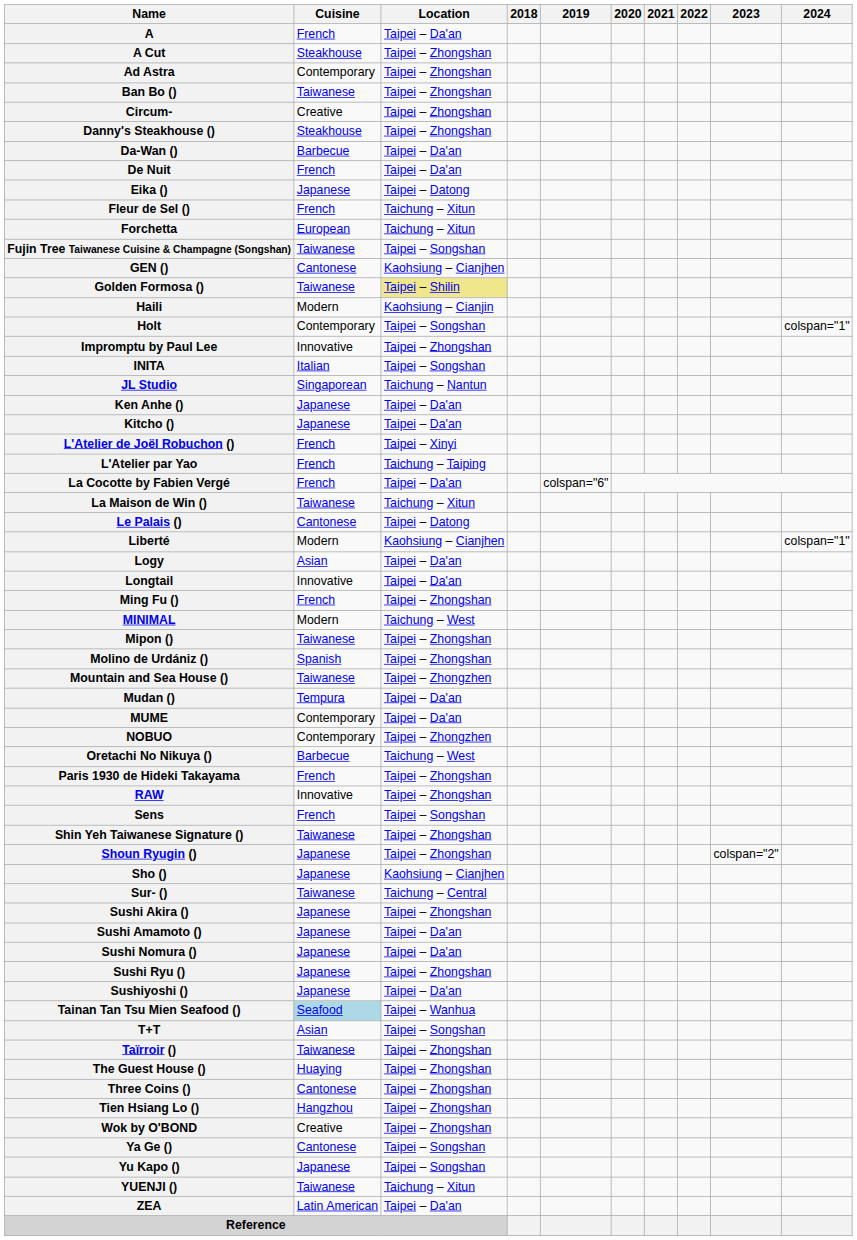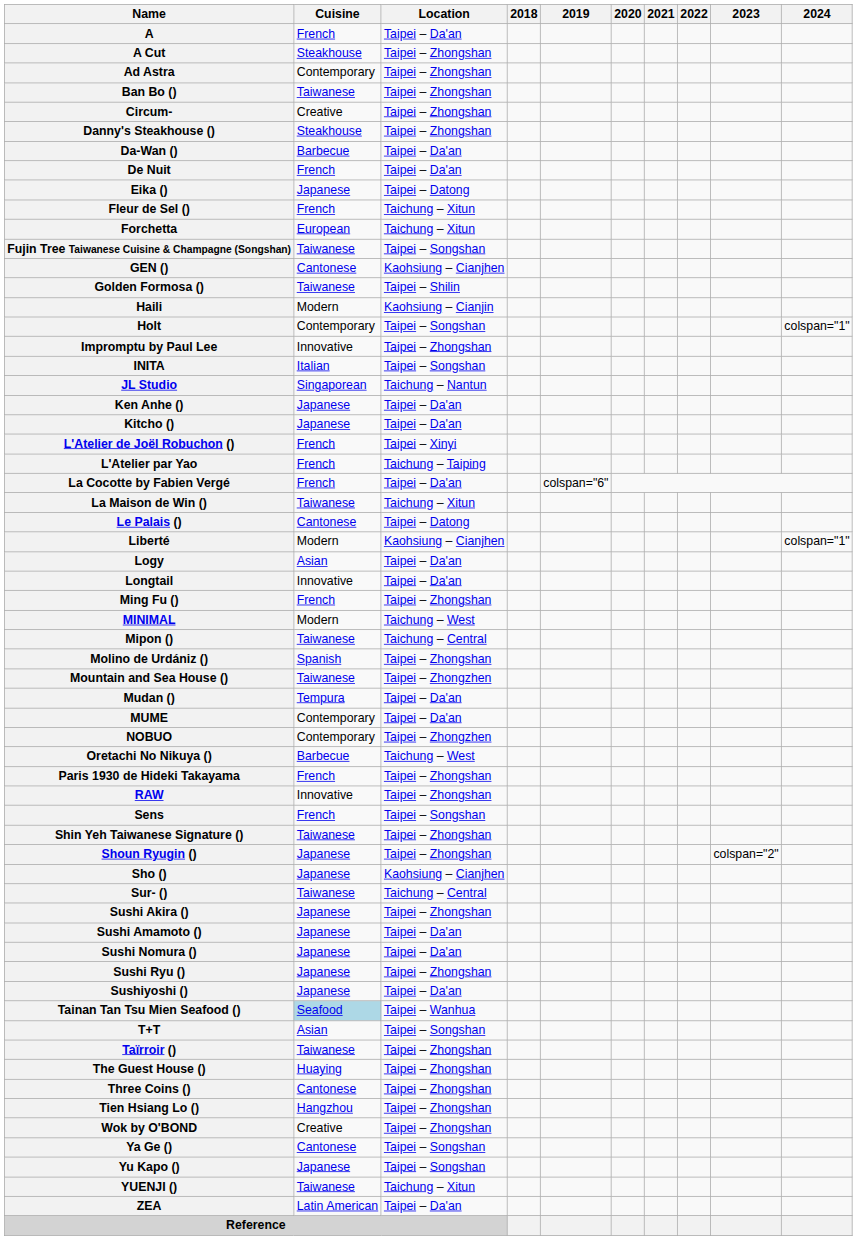 <table class="wikitable sortable plainrowheaders" style="text-align:left;"">
 <tr>
 <th scope="col">Name</th>
 <th scope="col">Cuisine</th>
 <th scope="col">Location</th>
 <th scope="col">2018</th>
 <th scope="col">2019</th>
 <th scope="col">2020</th>
 <th scope="col">2021</th>
 <th scope="col">2022</th>
 <th scope="col">2023</th>
 <th scope="col">2024</th>
 </tr>
 <tr>
 <th scope="row">A</th>
 <td><a href='#'>French</a></td>
 <td><a href='#'>Taipei</a> – <a href='#'>Da'an</a></td>
 <td></td>
 <td></td>
 <td></td>
 <td></td>
 <td></td>
 <td></td>
 <td></td>
 </tr>
 <tr>
 <th scope="row">A Cut</th>
 <td><a href='#'>Steakhouse</a></td>
 <td><a href='#'>Taipei</a> – <a href='#'>Zhongshan</a></td>
 <td></td>
 <td></td>
 <td></td>
 <td></td>
 <td></td>
 <td></td>
 <td></td>
 </tr>
 <tr>
 <th scope="row">Ad Astra</th>
 <td>Contemporary</td>
 <td><a href='#'>Taipei</a> – <a href='#'>Zhongshan</a></td>
 <td></td>
 <td></td>
 <td></td>
 <td></td>
 <td></td>
 <td></td>
 <td></td>
 </tr>
 <tr>
 <th scope="row">Ban Bo ()</th>
 <td><a href='#'>Taiwanese</a></td>
 <td><a href='#'>Taipei</a> – <a href='#'>Zhongshan</a></td>
 <td></td>
 <td></td>
 <td></td>
 <td></td>
 <td></td>
 <td></td>
 <td></td>
 </tr>
 <tr>
 <th scope="row">Circum-</th>
 <td>Creative</td>
 <td><a href='#'>Taipei</a> – <a href='#'>Zhongshan</a></td>
 <td></td>
 <td></td>
 <td></td>
 <td></td>
 <td></td>
 <td></td>
 <td></td>
 </tr>
 <tr>
 <th scope="row">Danny's Steakhouse ()</th>
 <td><a href='#'>Steakhouse</a></td>
 <td><a href='#'>Taipei</a> – <a href='#'>Zhongshan</a></td>
 <td></td>
 <td></td>
 <td></td>
 <td></td>
 <td></td>
 <td></td>
 <td></td>
 </tr>
 <tr>
 <th scope="row">Da-Wan ()</th>
 <td><a href='#'>Barbecue</a></td>
 <td><a href='#'>Taipei</a> – <a href='#'>Da'an</a></td>
 <td></td>
 <td></td>
 <td></td>
 <td></td>
 <td></td>
 <td></td>
 <td></td>
 </tr>
 <tr>
 <th scope="row">De Nuit</th>
 <td><a href='#'>French</a></td>
 <td><a href='#'>Taipei</a> – <a href='#'>Da'an</a></td>
 <td></td>
 <td></td>
 <td></td>
 <td></td>
 <td></td>
 <td></td>
 <td></td>
 </tr>
 <tr>
 <th scope="row">Eika ()</th>
 <td><a href='#'>Japanese</a></td>
 <td><a href='#'>Taipei</a> – <a href='#'>Datong</a></td>
 <td></td>
 <td></td>
 <td></td>
 <td></td>
 <td></td>
 <td></td>
 <td></td>
 </tr>
 <tr>
 <th scope="row">Fleur de Sel ()</th>
 <td><a href='#'>French</a></td>
 <td><a href='#'>Taichung</a> – <a href='#'>Xitun</a></td>
 <td></td>
 <td></td>
 <td></td>
 <td></td>
 <td></td>
 <td></td>
 <td></td>
 </tr>
 <tr>
 <th scope="row">Forchetta</th>
 <td><a href='#'>European</a></td>
 <td><a href='#'>Taichung</a> – <a href='#'>Xitun</a></td>
 <td></td>
 <td></td>
 <td></td>
 <td></td>
 <td></td>
 <td></td>
 <td></td>
 </tr>
 <tr>
 <th scope="row">Fujin Tree <small>Taiwanese Cuisine & Champagne (Songshan)</small></th>
 <td><a href='#'>Taiwanese</a></td>
 <td><a href='#'>Taipei</a> – <a href='#'>Songshan</a></td>
 <td></td>
 <td></td>
 <td></td>
 <td></td>
 <td></td>
 <td></td>
 <td></td>
 </tr>
 <tr>
 <th scope="row">GEN ()</th>
 <td><a href='#'>Cantonese</a></td>
 <td><a href='#'>Kaohsiung</a> – <a href='#'>Cianjhen</a></td>
 <td></td>
 <td></td>
 <td></td>
 <td></td>
 <td></td>
 <td></td>
 <td></td>
 </tr>
 <tr>
 <th scope="row">Golden Formosa ()</th>
 <td><a href='#'>Taiwanese</a></td>
-<td style="background: khaki;"><a href='#'>Taipei</a> – <a href='#'>Shilin</a></td>
+<td><a href='#'>Taipei</a> – <a href='#'>Shilin</a></td>
 <td></td>
 <td></td>
 <td></td>
 <td></td>
 <td></td>
 <td></td>
 <td></td>
 </tr>
 <tr>
 <th scope="row">Haili</th>
 <td>Modern</td>
 <td><a href='#'>Kaohsiung</a> – <a href='#'>Cianjin</a></td>
 <td></td>
 <td></td>
 <td></td>
 <td></td>
 <td></td>
 <td></td>
 <td></td>
 </tr>
 <tr>
 <th scope="row">Holt</th>
 <td>Contemporary</td>
 <td><a href='#'>Taipei</a> – <a href='#'>Songshan</a></td>
 <td></td>
 <td></td>
 <td></td>
 <td></td>
 <td></td>
 <td></td>
 <td>colspan="1"</td>
 </tr>
 <tr>
 <th scope="row">Impromptu by Paul Lee</th>
 <td>Innovative</td>
 <td><a href='#'>Taipei</a> – <a href='#'>Zhongshan</a></td>
 <td></td>
 <td></td>
 <td></td>
 <td></td>
 <td></td>
 <td></td>
 <td></td>
 </tr>
 <tr>
 <th scope="row">INITA</th>
 <td><a href='#'>Italian</a></td>
 <td><a href='#'>Taipei</a> – <a href='#'>Songshan</a></td>
 <td></td>
 <td></td>
 <td></td>
 <td></td>
 <td></td>
 <td></td>
 <td></td>
 </tr>
 <tr>
 <th scope="row"><a href='#'>JL Studio</a></th>
 <td><a href='#'>Singaporean</a></td>
 <td><a href='#'>Taichung</a> – <a href='#'>Nantun</a></td>
 <td></td>
 <td></td>
 <td></td>
 <td></td>
 <td></td>
 <td></td>
 <td></td>
 </tr>
 <tr>
 <th scope="row">Ken Anhe ()</th>
 <td><a href='#'>Japanese</a></td>
 <td><a href='#'>Taipei</a> – <a href='#'>Da'an</a></td>
 <td></td>
 <td></td>
 <td></td>
 <td></td>
 <td></td>
 <td></td>
 <td></td>
 </tr>
 <tr>
 <th scope="row">Kitcho ()</th>
 <td><a href='#'>Japanese</a></td>
 <td><a href='#'>Taipei</a> – <a href='#'>Da'an</a></td>
 <td></td>
 <td></td>
 <td></td>
 <td></td>
 <td></td>
 <td></td>
 <td></td>
 </tr>
 <tr>
 <th scope="row"><a href='#'>L'Atelier de Joël Robuchon</a> ()</th>
 <td><a href='#'>French</a></td>
 <td><a href='#'>Taipei</a> – <a href='#'>Xinyi</a></td>
 <td></td>
 <td></td>
 <td></td>
 <td></td>
 <td></td>
 <td></td>
 <td></td>
 </tr>
 <tr>
 <th scope="row">L'Atelier par Yao</th>
 <td><a href='#'>French</a></td>
 <td><a href='#'>Taichung</a> – <a href='#'>Taiping</a></td>
 <td></td>
 <td></td>
 <td></td>
 <td></td>
 <td></td>
 <td></td>
 <td></td>
 </tr>
 <tr>
 <th scope="row">La Cocotte by Fabien Vergé</th>
 <td><a href='#'>French</a></td>
 <td><a href='#'>Taipei</a> – <a href='#'>Da'an</a></td>
 <td></td>
 <td>colspan="6"</td>
 </tr>
 <tr>
 <th scope="row">La Maison de Win ()</th>
 <td><a href='#'>Taiwanese</a></td>
 <td><a href='#'>Taichung</a> – <a href='#'>Xitun</a></td>
 <td></td>
 <td></td>
 <td></td>
 <td></td>
 <td></td>
 <td></td>
 <td></td>
 </tr>
 <tr>
 <th scope="row"><a href='#'>Le Palais</a> ()</th>
 <td><a href='#'>Cantonese</a></td>
 <td><a href='#'>Taipei</a> – <a href='#'>Datong</a></td>
 <td></td>
 <td></td>
 <td></td>
 <td></td>
 <td></td>
 <td></td>
 <td></td>
 </tr>
 <tr>
 <th scope="row">Liberté</th>
 <td>Modern</td>
 <td><a href='#'>Kaohsiung</a> – <a href='#'>Cianjhen</a></td>
 <td></td>
 <td></td>
 <td></td>
 <td></td>
 <td></td>
 <td></td>
 <td>colspan="1"</td>
 </tr>
 <tr>
 <th scope="row">Logy</th>
 <td><a href='#'>Asian</a></td>
 <td><a href='#'>Taipei</a> – <a href='#'>Da'an</a></td>
 <td></td>
 <td></td>
 <td></td>
 <td></td>
 <td></td>
 <td></td>
 <td></td>
 </tr>
 <tr>
 <th scope="row">Longtail</th>
 <td>Innovative</td>
 <td><a href='#'>Taipei</a> – <a href='#'>Da'an</a></td>
 <td></td>
 <td></td>
 <td></td>
 <td></td>
 <td></td>
 <td></td>
 <td></td>
 </tr>
 <tr>
 <th scope="row">Ming Fu ()</th>
 <td><a href='#'>French</a></td>
 <td><a href='#'>Taipei</a> – <a href='#'>Zhongshan</a></td>
 <td></td>
 <td></td>
 <td></td>
 <td></td>
 <td></td>
 <td></td>
 <td></td>
 </tr>
 <tr>
 <th scope="row"><a href='#'>MINIMAL</a></th>
 <td>Modern</td>
 <td><a href='#'>Taichung</a> – <a href='#'>West</a></td>
 <td></td>
 <td></td>
 <td></td>
 <td></td>
 <td></td>
 <td></td>
 <td></td>
 </tr>
 <tr>
 <th scope="row">Mipon ()</th>
 <td><a href='#'>Taiwanese</a></td>
-<td><a href='#'>Taipei</a> – <a href='#'>Zhongshan</a></td>
+<td><a href='#'>Taichung</a> – <a href='#'>Central</a></td>
 <td></td>
 <td></td>
 <td></td>
 <td></td>
 <td></td>
 <td></td>
 <td></td>
 </tr>
 <tr>
 <th scope="row">Molino de Urdániz ()</th>
 <td><a href='#'>Spanish</a></td>
 <td><a href='#'>Taipei</a> – <a href='#'>Zhongshan</a></td>
 <td></td>
 <td></td>
 <td></td>
 <td></td>
 <td></td>
 <td></td>
 <td></td>
 </tr>
 <tr>
 <th scope="row">Mountain and Sea House ()</th>
 <td><a href='#'>Taiwanese</a></td>
 <td><a href='#'>Taipei</a> – <a href='#'>Zhongzhen</a></td>
 <td></td>
 <td></td>
 <td></td>
 <td></td>
 <td></td>
 <td></td>
 <td></td>
 </tr>
 <tr>
 <th scope="row">Mudan ()</th>
 <td><a href='#'>Tempura</a></td>
 <td><a href='#'>Taipei</a> – <a href='#'>Da'an</a></td>
 <td></td>
 <td></td>
 <td></td>
 <td></td>
 <td></td>
 <td></td>
 <td></td>
 </tr>
 <tr>
 <th scope="row">MUME</th>
 <td>Contemporary</td>
 <td><a href='#'>Taipei</a> – <a href='#'>Da'an</a></td>
 <td></td>
 <td></td>
 <td></td>
 <td></td>
 <td></td>
 <td></td>
 <td></td>
 </tr>
 <tr>
 <th scope="row">NOBUO</th>
 <td>Contemporary</td>
 <td><a href='#'>Taipei</a> – <a href='#'>Zhongzhen</a></td>
 <td></td>
 <td></td>
 <td></td>
 <td></td>
 <td></td>
 <td></td>
 <td></td>
 </tr>
 <tr>
 <th scope="row">Oretachi No Nikuya ()</th>
 <td><a href='#'>Barbecue</a></td>
 <td><a href='#'>Taichung</a> – <a href='#'>West</a></td>
 <td></td>
 <td></td>
 <td></td>
 <td></td>
 <td></td>
 <td></td>
 <td></td>
 </tr>
 <tr>
 <th scope="row">Paris 1930 de Hideki Takayama</th>
 <td><a href='#'>French</a></td>
 <td><a href='#'>Taipei</a> – <a href='#'>Zhongshan</a></td>
 <td></td>
 <td></td>
 <td></td>
 <td></td>
 <td></td>
 <td></td>
 <td></td>
 </tr>
 <tr>
 <th scope="row"><a href='#'>RAW</a></th>
 <td>Innovative</td>
 <td><a href='#'>Taipei</a> – <a href='#'>Zhongshan</a></td>
 <td></td>
 <td></td>
 <td></td>
 <td></td>
 <td></td>
 <td></td>
 <td></td>
 </tr>
 <tr>
 <th scope="row">Sens</th>
 <td><a href='#'>French</a></td>
 <td><a href='#'>Taipei</a> – <a href='#'>Songshan</a></td>
 <td></td>
 <td></td>
 <td></td>
 <td></td>
 <td></td>
 <td></td>
 <td></td>
 </tr>
 <tr>
 <th scope="row">Shin Yeh Taiwanese Signature ()</th>
 <td><a href='#'>Taiwanese</a></td>
 <td><a href='#'>Taipei</a> – <a href='#'>Zhongshan</a></td>
 <td></td>
 <td></td>
 <td></td>
 <td></td>
 <td></td>
 <td></td>
 <td></td>
 </tr>
 <tr>
 <th scope="row"><a href='#'>Shoun Ryugin</a> ()</th>
 <td><a href='#'>Japanese</a></td>
 <td><a href='#'>Taipei</a> – <a href='#'>Zhongshan</a></td>
 <td></td>
 <td></td>
 <td></td>
 <td></td>
 <td></td>
 <td>colspan="2"</td>
 </tr>
 <tr>
 <th scope="row">Sho ()</th>
 <td><a href='#'>Japanese</a></td>
 <td><a href='#'>Kaohsiung</a> – <a href='#'>Cianjhen</a></td>
 <td></td>
 <td></td>
 <td></td>
 <td></td>
 <td></td>
 <td></td>
 <td></td>
 </tr>
 <tr>
 <th scope="row">Sur- ()</th>
 <td><a href='#'>Taiwanese</a></td>
 <td><a href='#'>Taichung</a> – <a href='#'>Central</a></td>
 <td></td>
 <td></td>
 <td></td>
 <td></td>
 <td></td>
 <td></td>
 <td></td>
 </tr>
 <tr>
 <th scope="row">Sushi Akira ()</th>
 <td><a href='#'>Japanese</a></td>
 <td><a href='#'>Taipei</a> – <a href='#'>Zhongshan</a></td>
 <td></td>
 <td></td>
 <td></td>
 <td></td>
 <td></td>
 <td></td>
 <td></td>
 </tr>
 <tr>
 <th scope="row">Sushi Amamoto ()</th>
 <td><a href='#'>Japanese</a></td>
 <td><a href='#'>Taipei</a> – <a href='#'>Da'an</a></td>
 <td></td>
 <td></td>
 <td></td>
 <td></td>
 <td></td>
 <td></td>
 <td></td>
 </tr>
 <tr>
 <th scope="row">Sushi Nomura ()</th>
 <td><a href='#'>Japanese</a></td>
 <td><a href='#'>Taipei</a> – <a href='#'>Da'an</a></td>
 <td></td>
 <td></td>
 <td></td>
 <td></td>
 <td></td>
 <td></td>
 <td></td>
 </tr>
 <tr>
 <th scope="row">Sushi Ryu ()</th>
 <td><a href='#'>Japanese</a></td>
 <td><a href='#'>Taipei</a> – <a href='#'>Zhongshan</a></td>
 <td></td>
 <td></td>
 <td></td>
 <td></td>
 <td></td>
 <td></td>
 <td></td>
 </tr>
 <tr>
 <th scope="row">Sushiyoshi ()</th>
 <td><a href='#'>Japanese</a></td>
 <td><a href='#'>Taipei</a> – <a href='#'>Da'an</a></td>
 <td></td>
 <td></td>
 <td></td>
 <td></td>
 <td></td>
 <td></td>
 <td></td>
 </tr>
 <tr>
 <th scope="row">Tainan Tan Tsu Mien Seafood ()</th>
 <td style="background: lightblue;"><a href='#'>Seafood</a></td>
 <td><a href='#'>Taipei</a> – <a href='#'>Wanhua</a></td>
 <td></td>
 <td></td>
 <td></td>
 <td></td>
 <td></td>
 <td></td>
 <td></td>
 </tr>
 <tr>
 <th scope="row">T+T</th>
 <td><a href='#'>Asian</a></td>
 <td><a href='#'>Taipei</a> – <a href='#'>Songshan</a></td>
 <td></td>
 <td></td>
 <td></td>
 <td></td>
 <td></td>
 <td></td>
 <td></td>
 </tr>
 <tr>
 <th scope="row"><a href='#'>Taïrroir</a> ()</th>
 <td><a href='#'>Taiwanese</a></td>
 <td><a href='#'>Taipei</a> – <a href='#'>Zhongshan</a></td>
 <td></td>
 <td></td>
 <td></td>
 <td></td>
 <td></td>
 <td></td>
 <td></td>
 </tr>
 <tr>
 <th scope="row">The Guest House ()</th>
 <td><a href='#'>Huaying</a></td>
 <td><a href='#'>Taipei</a> – <a href='#'>Zhongshan</a></td>
 <td></td>
 <td></td>
 <td></td>
 <td></td>
 <td></td>
 <td></td>
 <td></td>
 </tr>
 <tr>
 <th scope="row">Three Coins ()</th>
 <td><a href='#'>Cantonese</a></td>
 <td><a href='#'>Taipei</a> – <a href='#'>Zhongshan</a></td>
 <td></td>
 <td></td>
 <td></td>
 <td></td>
 <td></td>
 <td></td>
 <td></td>
 </tr>
 <tr>
 <th scope="row">Tien Hsiang Lo ()</th>
 <td><a href='#'>Hangzhou</a></td>
 <td><a href='#'>Taipei</a> – <a href='#'>Zhongshan</a></td>
 <td></td>
 <td></td>
 <td></td>
 <td></td>
 <td></td>
 <td></td>
 <td></td>
 </tr>
 <tr>
 <th scope="row">Wok by O'BOND</th>
 <td>Creative</td>
 <td><a href='#'>Taipei</a> – <a href='#'>Zhongshan</a></td>
 <td></td>
 <td></td>
 <td></td>
 <td></td>
 <td></td>
 <td></td>
 <td></td>
 </tr>
 <tr>
 <th scope="row">Ya Ge ()</th>
 <td><a href='#'>Cantonese</a></td>
 <td><a href='#'>Taipei</a> – <a href='#'>Songshan</a></td>
 <td></td>
 <td></td>
 <td></td>
 <td></td>
 <td></td>
 <td></td>
 <td></td>
 </tr>
 <tr>
 <th scope="row">Yu Kapo ()</th>
 <td><a href='#'>Japanese</a></td>
 <td><a href='#'>Taipei</a> – <a href='#'>Songshan</a></td>
 <td></td>
 <td></td>
 <td></td>
 <td></td>
 <td></td>
 <td></td>
 <td></td>
 </tr>
 <tr>
 <th scope="row">YUENJI ()</th>
 <td><a href='#'>Taiwanese</a></td>
 <td><a href='#'>Taichung</a> – <a href='#'>Xitun</a></td>
 <td></td>
 <td></td>
 <td></td>
 <td></td>
 <td></td>
 <td></td>
 <td></td>
 </tr>
 <tr>
 <th scope="row">ZEA</th>
 <td><a href='#'>Latin American</a></td>
 <td><a href='#'>Taipei</a> – <a href='#'>Da'an</a></td>
 <td></td>
 <td></td>
 <td></td>
 <td></td>
 <td></td>
 <td></td>
 <td></td>
 </tr>
 <tr>
 <th colspan="3" style="text-align: center;background: lightgray;">Reference</th>
 <th></th>
 <th></th>
 <th></th>
 <th></th>
 <th></th>
 <th></th>
 <th></th>
 </tr>
 </table>
